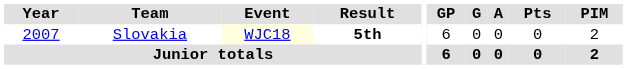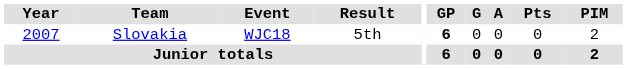 <table border="0" cellpadding="1" cellspacing="0" ID="Table3" style="text-align:center; width:40em">
 <tr ALIGN="center" bgcolor="#e0e0e0">
 <th>Year</th>
 <th>Team</th>
 <th>Event</th>
 <th>Result</th>
 <th rowspan="99" bgcolor="#ffffff"></th>
 <th>GP</th>
 <th>G</th>
 <th>A</th>
 <th>Pts</th>
 <th>PIM</th>
 </tr>
 <tr>
 <td><a href='#'>2007</a></td>
 <td><a href='#'>Slovakia</a></td>
-<td style="background: lightyellow;"><a href='#'>WJC18</a></td>
-<td><strong>5th</strong></td>
-<td>6</td>
+<td><a href='#'>WJC18</a></td>
+<td>5th</td>
+<td><strong>6</strong></td>
 <td>0</td>
 <td>0</td>
 <td>0</td>
 <td>2</td>
 </tr>
 <tr bgcolor="#e0e0e0">
 <th colspan="4">Junior totals</th>
 <th>6</th>
 <th>0</th>
 <th>0</th>
 <th>0</th>
 <th>2</th>
 </tr>
 </table>
